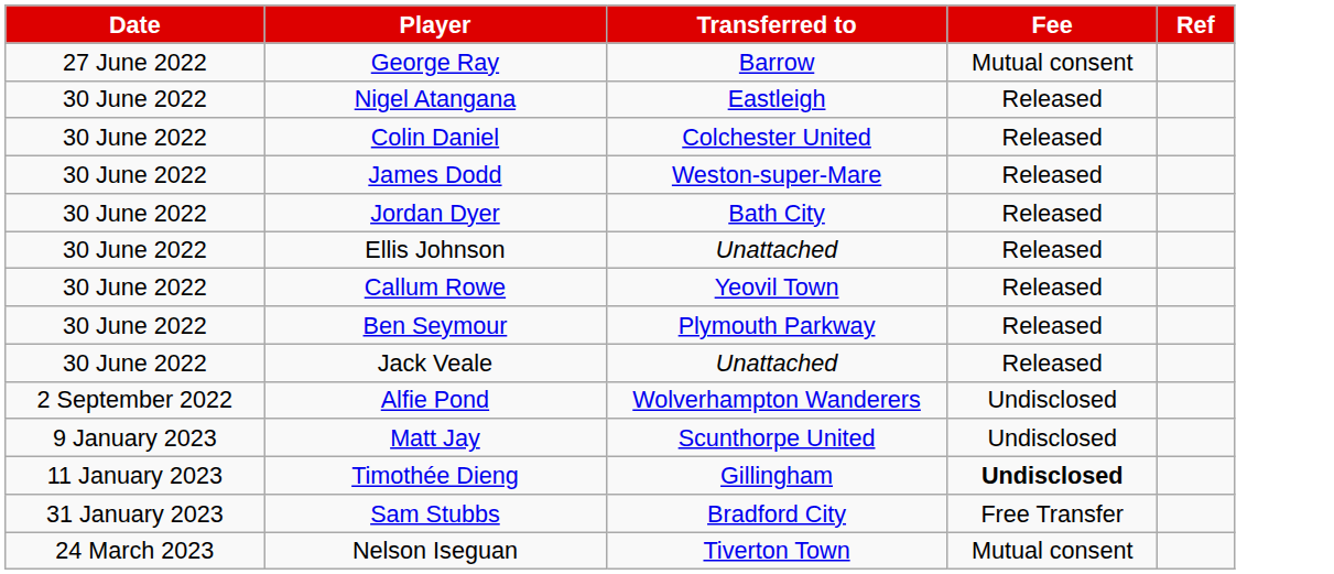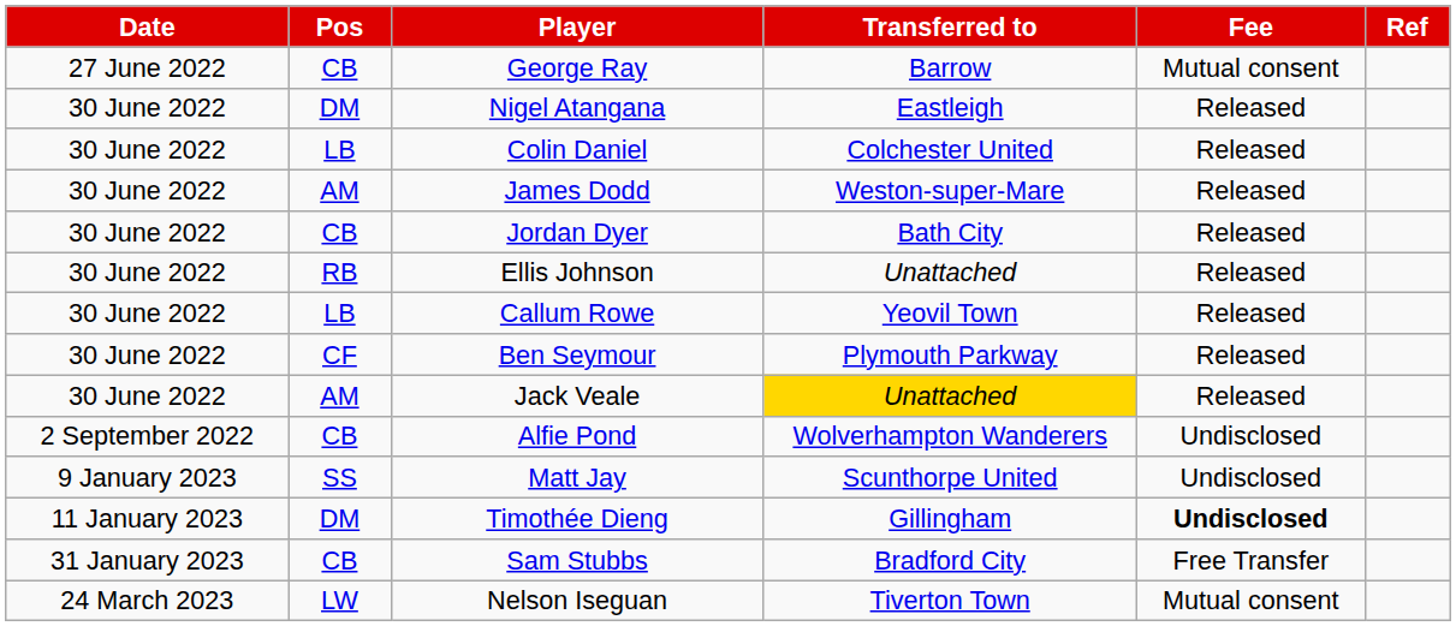 <table class="wikitable"  style="text-align:center; font-size:90%; ">
 <tr>
 <th style="background:#DD0000; color:#FFFFFF; width:150px; ">Date</th>
+<th style="background:#DD0000; color:#FFFFFF; width:50px; ">Pos</th>
 <th style="background:#DD0000; color:#FFFFFF; width:200px; ">Player</th>
 <th style="background:#DD0000; color:#FFFFFF; width:200px; ">Transferred to</th>
 <th style="background:#DD0000; color:#FFFFFF; width:120px; ">Fee</th>
 <th style="background:#DD0000; color:#FFFFFF; width:40px; ">Ref</th>
 </tr>
 <tr>
 <td>27 June 2022</td>
+<td><a href='#'>CB</a></td>
 <td> <a href='#'>George Ray</a></td>
 <td> <a href='#'>Barrow</a></td>
 <td>Mutual consent</td>
 <td></td>
 </tr>
 <tr>
 <td>30 June 2022</td>
+<td><a href='#'>DM</a></td>
 <td> <a href='#'>Nigel Atangana</a></td>
 <td> <a href='#'>Eastleigh</a></td>
 <td>Released</td>
 <td></td>
 </tr>
 <tr>
 <td>30 June 2022</td>
+<td><a href='#'>LB</a></td>
 <td> <a href='#'>Colin Daniel</a></td>
 <td> <a href='#'>Colchester United</a></td>
 <td>Released</td>
 <td></td>
 </tr>
 <tr>
 <td>30 June 2022</td>
+<td><a href='#'>AM</a></td>
 <td> <a href='#'>James Dodd</a></td>
 <td> <a href='#'>Weston-super-Mare</a></td>
 <td>Released</td>
 <td></td>
 </tr>
 <tr>
 <td>30 June 2022</td>
+<td><a href='#'>CB</a></td>
 <td> <a href='#'>Jordan Dyer</a></td>
 <td> <a href='#'>Bath City</a></td>
 <td>Released</td>
 <td></td>
 </tr>
 <tr>
 <td>30 June 2022</td>
+<td><a href='#'>RB</a></td>
 <td> Ellis Johnson</td>
 <td> <em>Unattached</em></td>
 <td>Released</td>
 <td></td>
 </tr>
 <tr>
 <td>30 June 2022</td>
+<td><a href='#'>LB</a></td>
 <td> <a href='#'>Callum Rowe</a></td>
 <td> <a href='#'>Yeovil Town</a></td>
 <td>Released</td>
 <td></td>
 </tr>
 <tr>
 <td>30 June 2022</td>
+<td><a href='#'>CF</a></td>
 <td> <a href='#'>Ben Seymour</a></td>
 <td> <a href='#'>Plymouth Parkway</a></td>
 <td>Released</td>
 <td></td>
 </tr>
 <tr>
 <td>30 June 2022</td>
+<td><a href='#'>AM</a></td>
 <td> Jack Veale</td>
-<td> <em>Unattached</em></td>
+<td style="background: gold;"> <em>Unattached</em></td>
 <td>Released</td>
 <td></td>
 </tr>
 <tr>
 <td>2 September 2022</td>
+<td><a href='#'>CB</a></td>
 <td> <a href='#'>Alfie Pond</a></td>
 <td> <a href='#'>Wolverhampton Wanderers</a></td>
 <td>Undisclosed</td>
 <td></td>
 </tr>
 <tr>
 <td>9 January 2023</td>
+<td><a href='#'>SS</a></td>
 <td> <a href='#'>Matt Jay</a></td>
 <td> <a href='#'>Scunthorpe United</a></td>
 <td>Undisclosed</td>
 <td></td>
 </tr>
 <tr>
 <td>11 January 2023</td>
+<td><a href='#'>DM</a></td>
 <td> <a href='#'>Timothée Dieng</a></td>
 <td> <a href='#'>Gillingham</a></td>
 <td><strong>Undisclosed</strong></td>
 <td></td>
 </tr>
 <tr>
 <td>31 January 2023</td>
+<td><a href='#'>CB</a></td>
 <td> <a href='#'>Sam Stubbs</a></td>
 <td> <a href='#'>Bradford City</a></td>
 <td>Free Transfer</td>
 <td></td>
 </tr>
 <tr>
 <td>24 March 2023</td>
+<td><a href='#'>LW</a></td>
 <td> Nelson Iseguan</td>
 <td> <a href='#'>Tiverton Town</a></td>
 <td>Mutual consent</td>
 <td></td>
 </tr>
 </table>
